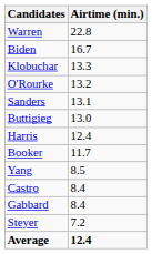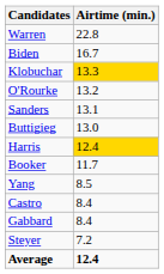 <table class="wikitable sortable" style="display:inline-table;line-height:16px;">
 <tr>
 <th>Candidates</th>
 <th>Airtime (min.)</th>
 </tr>
 <tr>
 <td><a href='#'>Warren</a></td>
 <td>22.8</td>
 </tr>
 <tr>
 <td><a href='#'>Biden</a></td>
 <td>16.7</td>
 </tr>
 <tr>
 <td><a href='#'>Klobuchar</a></td>
-<td>13.3</td>
+<td style="background: gold;">13.3</td>
 </tr>
 <tr>
 <td><a href='#'>O'Rourke</a></td>
 <td>13.2</td>
 </tr>
 <tr>
 <td><a href='#'>Sanders</a></td>
 <td>13.1</td>
 </tr>
 <tr>
 <td><a href='#'>Buttigieg</a></td>
 <td>13.0</td>
 </tr>
 <tr>
 <td><a href='#'>Harris</a></td>
-<td>12.4</td>
+<td style="background: gold;">12.4</td>
 </tr>
 <tr>
 <td><a href='#'>Booker</a></td>
 <td>11.7</td>
 </tr>
 <tr>
 <td><a href='#'>Yang</a></td>
 <td>8.5</td>
 </tr>
 <tr>
 <td><a href='#'>Castro</a></td>
 <td>8.4</td>
 </tr>
 <tr>
 <td><a href='#'>Gabbard</a></td>
 <td>8.4</td>
 </tr>
 <tr>
 <td><a href='#'>Steyer</a></td>
 <td>7.2</td>
 </tr>
 <tr>
 <td><strong>Average</strong></td>
 <td><strong>12.4</strong></td>
 </tr>
 </table>
